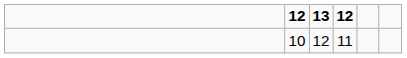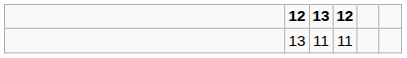 <table class="wikitable">
 <tr>
 <td style="width:18em"><strong></strong></td>
 <td align=center style="width:1em"><strong>12</strong></td>
 <td align=center style="width:1em"><strong>13</strong></td>
 <td align=center style="width:1em"><strong>12</strong></td>
 <td align=center style="width:1em"></td>
 <td align=center style="width:1em"></td>
 </tr>
 <tr>
 <td style="width:18em"></td>
-<td align=center style="width:1em">10</td>
-<td align=center style="width:1em">12</td>
+<td align=center style="width:1em">13</td>
+<td align=center style="width:1em">11</td>
 <td align=center style="width:1em">11</td>
 <td align=center style="width:1em"></td>
 <td align=center style="width:1em"></td>
 </tr>
 </table>
